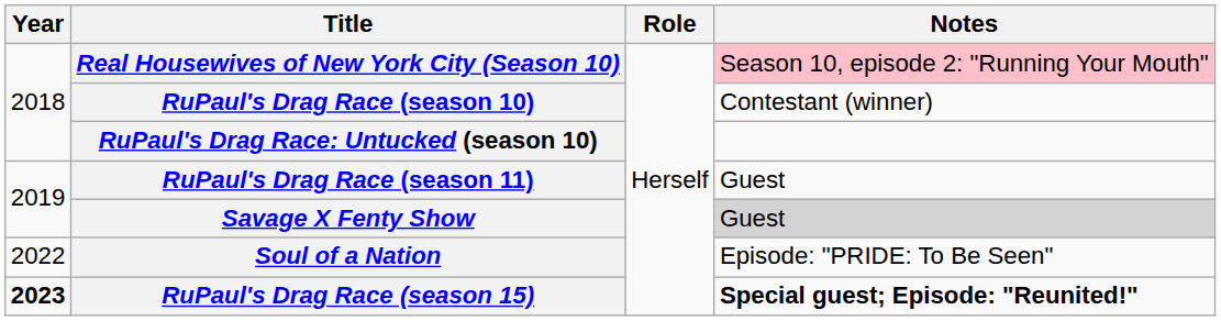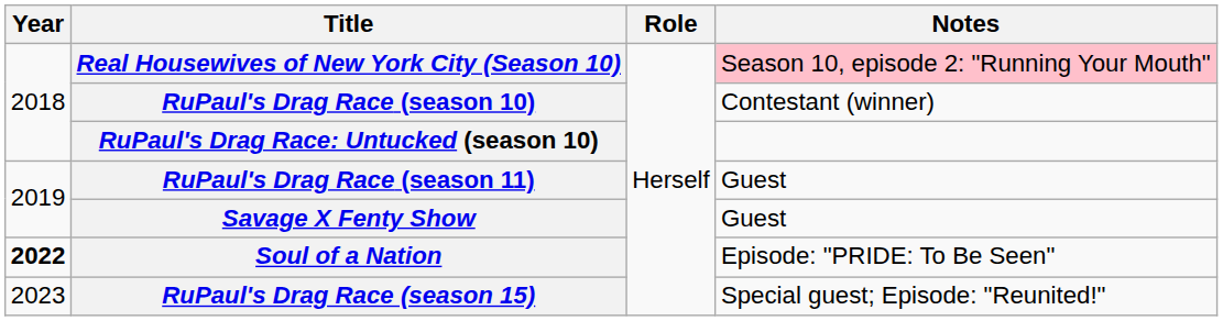 <table class="wikitable plainrowheaders sortable">
 <tr>
 <th scope="col">Year</th>
 <th scope="col">Title</th>
 <th scope="col">Role</th>
 <th scope="col">Notes</th>
 </tr>
 <tr>
 <td rowspan="3">2018</td>
 <th scope="row"><em><a href='#'>Real Housewives of New York City (Season 10)</a></em></th>
 <td rowspan="7">Herself</td>
 <td style="background: pink;">Season 10, episode 2: "Running Your Mouth"</td>
 </tr>
 <tr>
 <th scope="row"><a href='#'><em>RuPaul's Drag Race</em> (season 10)</a></th>
 <td>Contestant (winner)</td>
 </tr>
 <tr>
 <th scope="row"><em><a href='#'>RuPaul's Drag Race: Untucked</a></em> (season 10)</th>
 <td></td>
 </tr>
 <tr>
 <td rowspan="2">2019</td>
 <th scope="row"><a href='#'><em>RuPaul's Drag Race</em> (season 11)</a></th>
 <td>Guest</td>
 </tr>
 <tr>
 <th scope="row"><em><a href='#'>Savage X Fenty Show</a></em></th>
-<td style="background: lightgrey;">Guest</td>
+<td>Guest</td>
 </tr>
 <tr>
-<td>2022</td>
+<td><strong>2022</strong></td>
 <th scope="row"><em><a href='#'>Soul of a Nation</a></em></th>
 <td>Episode: "PRIDE: To Be Seen"</td>
 </tr>
 <tr>
-<td><strong>2023</strong></td>
+<td>2023</td>
 <th scope="row"><em><a href='#'>RuPaul's Drag Race (season 15)</a></em></th>
-<td><strong>Special guest; Episode: "Reunited!"</strong></td>
+<td>Special guest; Episode: "Reunited!"</td>
 </tr>
 </table>
